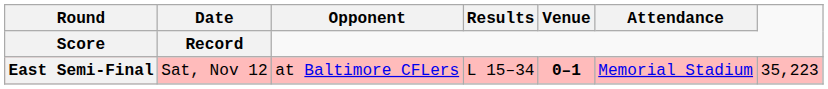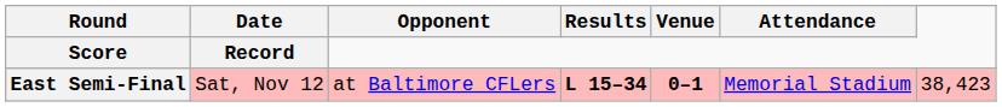 <table class="wikitable" style="text-align:center">
 <tr>
 <th>Round</th>
 <th>Date</th>
 <th>Opponent</th>
 <th>Results</th>
 <th>Venue</th>
 <th>Attendance</th>
 </tr>
 <tr>
 <th>Score</th>
 <th>Record</th>
 </tr>
 <tr style="background:#ffbbbb">
 <th>East Semi-Final</th>
 <td>Sat, Nov 12</td>
 <td>at <a href='#'>Baltimore CFLers</a></td>
-<td>L 15–34</td>
+<td><strong>L 15–34</strong></td>
 <td><strong>0–1</strong></td>
 <td><a href='#'>Memorial Stadium</a></td>
-<td>35,223</td>
+<td>38,423</td>
 </tr>
 </table>
